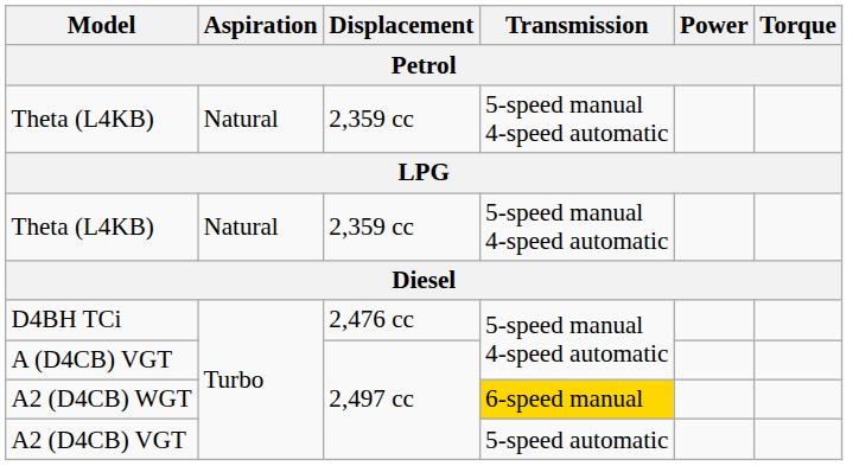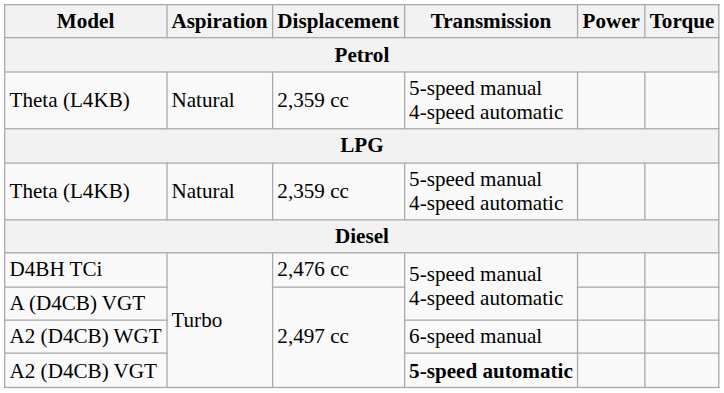 <table class="wikitable collapsible">
 <tr>
 <th>Model</th>
 <th>Aspiration</th>
 <th>Displacement</th>
 <th>Transmission</th>
 <th>Power</th>
 <th>Torque</th>
 </tr>
 <tr>
 <th colspan="6">Petrol</th>
 </tr>
 <tr>
 <td>Theta (L4KB)</td>
 <td>Natural</td>
 <td>2,359 cc</td>
 <td>5-speed manual<br>4-speed automatic</td>
 <td></td>
 <td></td>
 </tr>
 <tr>
 <th colspan="6">LPG</th>
 </tr>
 <tr>
 <td>Theta (L4KB)</td>
 <td>Natural</td>
 <td>2,359 cc</td>
 <td>5-speed manual<br>4-speed automatic</td>
 <td></td>
 <td></td>
 </tr>
 <tr>
 <th colspan="6">Diesel</th>
 </tr>
 <tr>
 <td>D4BH TCi</td>
 <td rowspan="4">Turbo</td>
 <td>2,476 cc</td>
 <td rowspan="2">5-speed manual<br>4-speed automatic</td>
 <td></td>
 <td></td>
 </tr>
 <tr>
 <td>A (D4CB) VGT</td>
 <td rowspan="3">2,497 cc</td>
 <td></td>
 <td></td>
 </tr>
 <tr>
 <td>A2 (D4CB) WGT</td>
-<td style="background: gold;">6-speed manual</td>
+<td>6-speed manual</td>
 <td></td>
 <td></td>
 </tr>
 <tr>
 <td>A2 (D4CB) VGT</td>
-<td>5-speed automatic</td>
+<td><strong>5-speed automatic</strong></td>
 <td></td>
 <td></td>
 </tr>
 </table>
